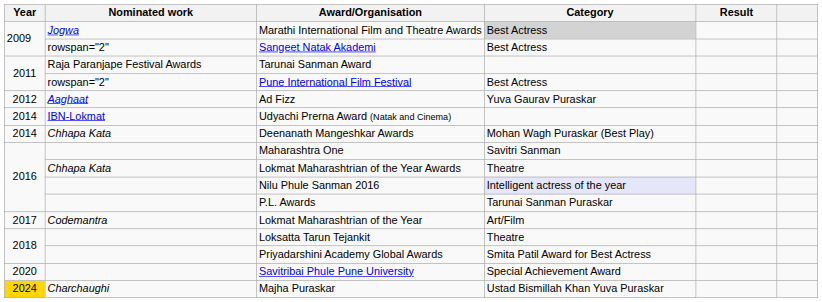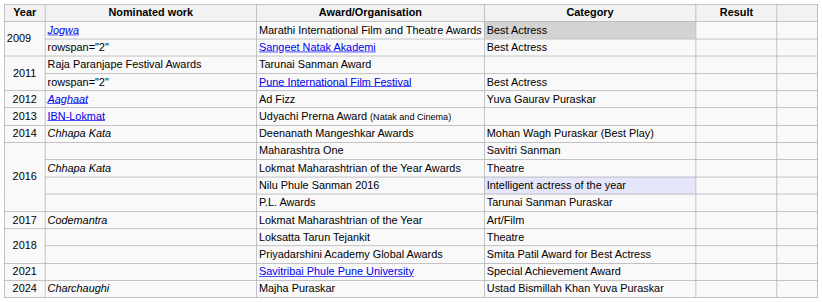 <table class="wikitable">
 <tr>
 <th width=5%>Year</th>
 <th width=26%>Nominated work</th>
 <th width=28%>Award/Organisation</th>
 <th width=26%>Category</th>
 <th width=10%>Result</th>
 <th width=5%></th>
 </tr>
 <tr>
 <td rowspan="2">2009</td>
 <td><em><a href='#'>Jogwa</a></em></td>
 <td>Marathi International Film and Theatre Awards</td>
 <td style="background: lightgrey;">Best Actress</td>
 <td></td>
 <td></td>
 </tr>
 <tr>
 <td>rowspan="2" </td>
 <td><a href='#'>Sangeet Natak Akademi</a></td>
 <td>Best Actress</td>
 <td></td>
 <td style="text-align:center;"></td>
 </tr>
 <tr>
 <td rowspan="2" style="text-align:center;">2011</td>
 <td>Raja Paranjape Festival Awards</td>
 <td>Tarunai Sanman Award</td>
 <td></td>
 <td style="text-align:center;"></td>
 </tr>
 <tr>
 <td>rowspan="2" </td>
 <td><a href='#'>Pune International Film Festival</a></td>
 <td>Best Actress</td>
 <td></td>
 <td style="text-align:center;"></td>
 </tr>
 <tr>
 <td style="text-align:center;">2012</td>
 <td><em><a href='#'>Aaghaat</a></em></td>
 <td>Ad Fizz</td>
 <td>Yuva Gaurav Puraskar</td>
 <td></td>
 <td style="text-align:center;"></td>
 </tr>
 <tr>
-<td style="text-align:center;">2014</td>
+<td style="text-align:center;">2013</td>
 <td><a href='#'>IBN-Lokmat</a></td>
 <td>Udyachi Prerna Award <small>(Natak and Cinema)</small></td>
 <td></td>
 <td style="text-align:center;"></td>
 </tr>
 <tr>
 <td style="text-align:center;">2014</td>
 <td><em>Chhapa Kata</em></td>
 <td>Deenanath Mangeshkar Awards</td>
 <td>Mohan Wagh Puraskar (Best Play)</td>
 <td></td>
 <td style="text-align:center;"></td>
 </tr>
 <tr>
 <td rowspan="4" style="text-align:center;">2016</td>
 <td></td>
 <td>Maharashtra One</td>
 <td>Savitri Sanman</td>
 <td></td>
 <td style="text-align:center;"></td>
 </tr>
 <tr>
 <td><em>Chhapa Kata</em></td>
 <td>Lokmat Maharashtrian of the Year Awards</td>
 <td>Theatre</td>
 <td></td>
 <td style="text-align:center;"></td>
 </tr>
 <tr>
 <td></td>
 <td>Nilu Phule Sanman 2016</td>
 <td style="background: lavender;">Intelligent actress of the year</td>
 <td></td>
 <td style="text-align:center;"></td>
 </tr>
 <tr>
 <td></td>
 <td>P.L. Awards</td>
 <td>Tarunai Sanman Puraskar</td>
 <td></td>
 <td style="text-align:center;"></td>
 </tr>
 <tr>
 <td style="text-align:center;">2017</td>
 <td><em>Codemantra</em></td>
 <td>Lokmat Maharashtrian of the Year</td>
 <td>Art/Film</td>
 <td></td>
 <td style="text-align:center;"></td>
 </tr>
 <tr>
 <td rowspan="2" style="text-align:center;">2018</td>
 <td></td>
 <td>Loksatta Tarun Tejankit</td>
 <td>Theatre</td>
 <td></td>
 <td style="text-align:center;"></td>
 </tr>
 <tr>
 <td></td>
 <td>Priyadarshini Academy Global Awards</td>
 <td>Smita Patil Award for Best Actress</td>
 <td></td>
 <td style="text-align:center;"></td>
 </tr>
 <tr>
-<td style="text-align:center;">2020</td>
+<td style="text-align:center;">2021</td>
 <td></td>
 <td><a href='#'>Savitribai Phule Pune University</a></td>
 <td>Special Achievement Award</td>
 <td></td>
 <td style="text-align:center;"></td>
 </tr>
 <tr>
-<td style="background: gold; text-align:center;">2024</td>
+<td style="text-align:center;">2024</td>
 <td><em>Charchaughi</em></td>
 <td>Majha Puraskar</td>
 <td>Ustad Bismillah Khan Yuva Puraskar</td>
 <td></td>
 <td style="text-align:center;"></td>
 </tr>
 </table>
